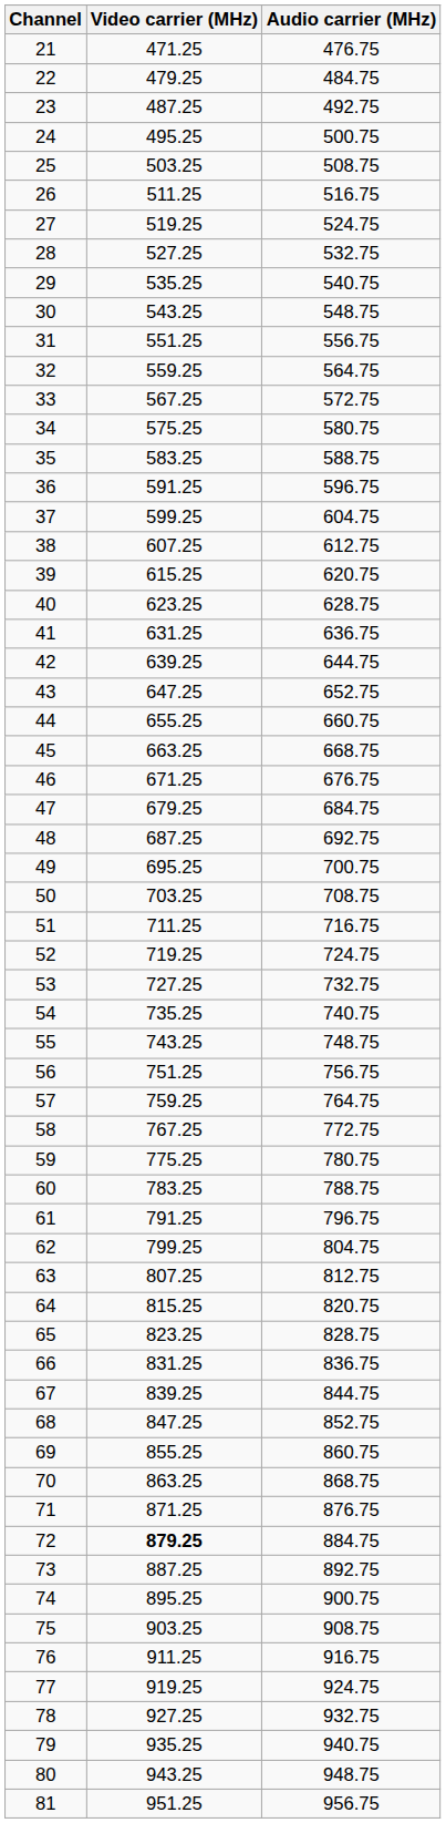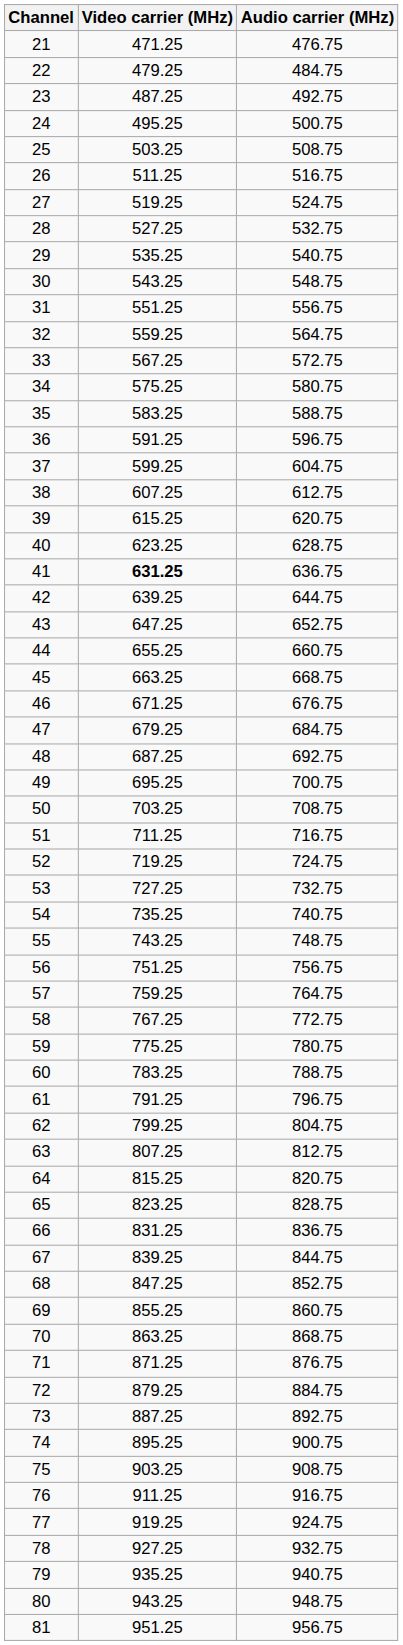 <table class="wikitable" style="text-align: center; border-collapse:collapse">
 <tr>
 </tr>
 <tr>
 <th>Channel</th>
 <th>Video carrier (MHz)</th>
 <th>Audio carrier (MHz)</th>
 </tr>
 <tr>
 <td>21</td>
 <td>471.25</td>
 <td>476.75</td>
 </tr>
 <tr>
 <td>22</td>
 <td>479.25</td>
 <td>484.75</td>
 </tr>
 <tr>
 <td>23</td>
 <td>487.25</td>
 <td>492.75</td>
 </tr>
 <tr>
 <td>24</td>
 <td>495.25</td>
 <td>500.75</td>
 </tr>
 <tr>
 <td>25</td>
 <td>503.25</td>
 <td>508.75</td>
 </tr>
 <tr>
 <td>26</td>
 <td>511.25</td>
 <td>516.75</td>
 </tr>
 <tr>
 <td>27</td>
 <td>519.25</td>
 <td>524.75</td>
 </tr>
 <tr>
 <td>28</td>
 <td>527.25</td>
 <td>532.75</td>
 </tr>
 <tr>
 <td>29</td>
 <td>535.25</td>
 <td>540.75</td>
 </tr>
 <tr>
 <td>30</td>
 <td>543.25</td>
 <td>548.75</td>
 </tr>
 <tr>
 <td>31</td>
 <td>551.25</td>
 <td>556.75</td>
 </tr>
 <tr>
 <td>32</td>
 <td>559.25</td>
 <td>564.75</td>
 </tr>
 <tr>
 <td>33</td>
 <td>567.25</td>
 <td>572.75</td>
 </tr>
 <tr>
 <td>34</td>
 <td>575.25</td>
 <td>580.75</td>
 </tr>
 <tr>
 <td>35</td>
 <td>583.25</td>
 <td>588.75</td>
 </tr>
 <tr>
 <td>36</td>
 <td>591.25</td>
 <td>596.75</td>
 </tr>
 <tr>
 <td>37</td>
 <td>599.25</td>
 <td>604.75</td>
 </tr>
 <tr>
 <td>38</td>
 <td>607.25</td>
 <td>612.75</td>
 </tr>
 <tr>
 <td>39</td>
 <td>615.25</td>
 <td>620.75</td>
 </tr>
 <tr>
 <td>40</td>
 <td>623.25</td>
 <td>628.75</td>
 </tr>
 <tr>
 <td>41</td>
-<td>631.25</td>
+<td><strong>631.25</strong></td>
 <td>636.75</td>
 </tr>
 <tr>
 <td>42</td>
 <td>639.25</td>
 <td>644.75</td>
 </tr>
 <tr>
 <td>43</td>
 <td>647.25</td>
 <td>652.75</td>
 </tr>
 <tr>
 <td>44</td>
 <td>655.25</td>
 <td>660.75</td>
 </tr>
 <tr>
 <td>45</td>
 <td>663.25</td>
 <td>668.75</td>
 </tr>
 <tr>
 <td>46</td>
 <td>671.25</td>
 <td>676.75</td>
 </tr>
 <tr>
 <td>47</td>
 <td>679.25</td>
 <td>684.75</td>
 </tr>
 <tr>
 <td>48</td>
 <td>687.25</td>
 <td>692.75</td>
 </tr>
 <tr>
 <td>49</td>
 <td>695.25</td>
 <td>700.75</td>
 </tr>
 <tr>
 <td>50</td>
 <td>703.25</td>
 <td>708.75</td>
 </tr>
 <tr>
 <td>51</td>
 <td>711.25</td>
 <td>716.75</td>
 </tr>
 <tr>
 <td>52</td>
 <td>719.25</td>
 <td>724.75</td>
 </tr>
 <tr>
 <td>53</td>
 <td>727.25</td>
 <td>732.75</td>
 </tr>
 <tr>
 <td>54</td>
 <td>735.25</td>
 <td>740.75</td>
 </tr>
 <tr>
 <td>55</td>
 <td>743.25</td>
 <td>748.75</td>
 </tr>
 <tr>
 <td>56</td>
 <td>751.25</td>
 <td>756.75</td>
 </tr>
 <tr>
 <td>57</td>
 <td>759.25</td>
 <td>764.75</td>
 </tr>
 <tr>
 <td>58</td>
 <td>767.25</td>
 <td>772.75</td>
 </tr>
 <tr>
 <td>59</td>
 <td>775.25</td>
 <td>780.75</td>
 </tr>
 <tr>
 <td>60</td>
 <td>783.25</td>
 <td>788.75</td>
 </tr>
 <tr>
 <td>61</td>
 <td>791.25</td>
 <td>796.75</td>
 </tr>
 <tr>
 <td>62</td>
 <td>799.25</td>
 <td>804.75</td>
 </tr>
 <tr>
 <td>63</td>
 <td>807.25</td>
 <td>812.75</td>
 </tr>
 <tr>
 <td>64</td>
 <td>815.25</td>
 <td>820.75</td>
 </tr>
 <tr>
 <td>65</td>
 <td>823.25</td>
 <td>828.75</td>
 </tr>
 <tr>
 <td>66</td>
 <td>831.25</td>
 <td>836.75</td>
 </tr>
 <tr>
 <td>67</td>
 <td>839.25</td>
 <td>844.75</td>
 </tr>
 <tr>
 <td>68</td>
 <td>847.25</td>
 <td>852.75</td>
 </tr>
 <tr>
 <td>69</td>
 <td>855.25</td>
 <td>860.75</td>
 </tr>
 <tr>
 <td>70</td>
 <td>863.25</td>
 <td>868.75</td>
 </tr>
 <tr>
 <td>71</td>
 <td>871.25</td>
 <td>876.75</td>
 </tr>
 <tr>
 <td>72</td>
-<td><strong>879.25</strong></td>
+<td>879.25</td>
 <td>884.75</td>
 </tr>
 <tr>
 <td>73</td>
 <td>887.25</td>
 <td>892.75</td>
 </tr>
 <tr>
 <td>74</td>
 <td>895.25</td>
 <td>900.75</td>
 </tr>
 <tr>
 <td>75</td>
 <td>903.25</td>
 <td>908.75</td>
 </tr>
 <tr>
 <td>76</td>
 <td>911.25</td>
 <td>916.75</td>
 </tr>
 <tr>
 <td>77</td>
 <td>919.25</td>
 <td>924.75</td>
 </tr>
 <tr>
 <td>78</td>
 <td>927.25</td>
 <td>932.75</td>
 </tr>
 <tr>
 <td>79</td>
 <td>935.25</td>
 <td>940.75</td>
 </tr>
 <tr>
 <td>80</td>
 <td>943.25</td>
 <td>948.75</td>
 </tr>
 <tr>
 <td>81</td>
 <td>951.25</td>
 <td>956.75</td>
 </tr>
 </table>
